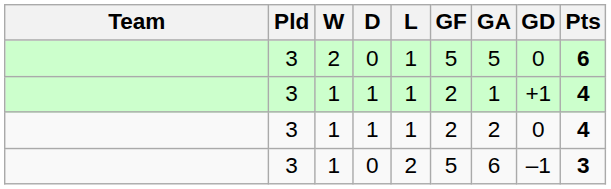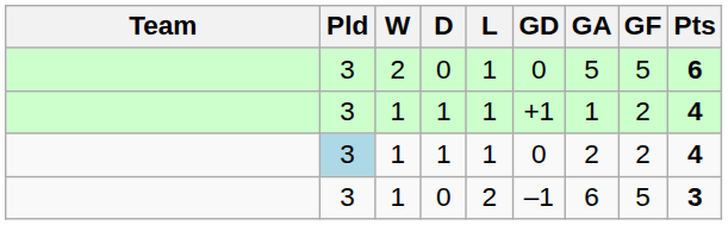 <table class="wikitable" style="text-align:center;">
 <tr>
 <th width=180>Team</th>
 <th width=20>Pld</th>
 <th width=20>W</th>
 <th width=20>D</th>
 <th width=20>L</th>
+<th width=20>GD</th>
+<th width=20>GA</th>
 <th width=20>GF</th>
-<th width=20>GA</th>
-<th width=20>GD</th>
 <th width=20>Pts</th>
 </tr>
 <tr bgcolor=#ccffcc>
 <td align="left"></td>
 <td>3</td>
 <td>2</td>
 <td>0</td>
 <td>1</td>
+<td>0</td>
 <td>5</td>
 <td>5</td>
-<td>0</td>
 <td><strong>6</strong></td>
 </tr>
 <tr bgcolor=#ccffcc>
 <td align="left"></td>
 <td>3</td>
 <td>1</td>
 <td>1</td>
 <td>1</td>
+<td>+1</td>
+<td>1</td>
 <td>2</td>
-<td>1</td>
-<td>+1</td>
 <td><strong>4</strong></td>
 </tr>
 <tr>
 <td align="left"></td>
-<td>3</td>
+<td style="background: lightblue;">3</td>
 <td>1</td>
 <td>1</td>
 <td>1</td>
+<td>0</td>
 <td>2</td>
 <td>2</td>
-<td>0</td>
 <td><strong>4</strong></td>
 </tr>
 <tr>
 <td align="left"><em></em></td>
 <td>3</td>
 <td>1</td>
 <td>0</td>
 <td>2</td>
+<td>–1</td>
+<td>6</td>
 <td>5</td>
-<td>6</td>
-<td>–1</td>
 <td><strong>3</strong></td>
 </tr>
 </table>
